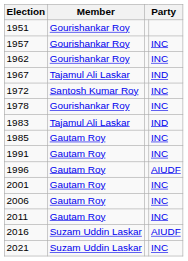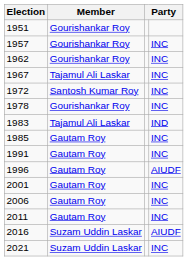 <table class="wikitable sortable">
 <tr>
 <th>Election</th>
 <th>Member</th>
 <th colspan="2">Party</th>
 </tr>
 <tr>
 <td>1951</td>
 <td><a href='#'>Gourishankar Roy</a></td>
 <td></td>
 </tr>
 <tr>
 <td>1957</td>
 <td><a href='#'>Gourishankar Roy</a></td>
 <td style="background-color:"></td>
 <td><a href='#'>INC</a></td>
 </tr>
 <tr>
 <td>1962</td>
 <td><a href='#'>Gourishankar Roy</a></td>
 <td style="background-color:"></td>
 <td><a href='#'>INC</a></td>
 </tr>
 <tr>
 <td>1967</td>
 <td><a href='#'>Tajamul Ali Laskar</a></td>
 <td style="background-color:"></td>
-<td><a href='#'>IND</a></td>
+<td><a href='#'>INC</a></td>
 </tr>
 <tr>
 <td>1972</td>
 <td><a href='#'>Santosh Kumar Roy</a></td>
 <td style="background-color:"></td>
 <td><a href='#'>INC</a></td>
 </tr>
 <tr>
 <td>1978</td>
 <td><a href='#'>Gourishankar Roy</a></td>
 <td style="background-color:"></td>
 <td><a href='#'>INC</a></td>
 </tr>
 <tr>
 <td>1983</td>
 <td><a href='#'>Tajamul Ali Laskar</a></td>
 <td style="background-color:"></td>
 <td><a href='#'>IND</a></td>
 </tr>
 <tr>
 <td>1985</td>
 <td><a href='#'>Gautam Roy</a></td>
 <td style="background-color:"></td>
 <td><a href='#'>INC</a></td>
 </tr>
 <tr>
 <td>1991</td>
 <td><a href='#'>Gautam Roy</a></td>
 <td style="background-color:"></td>
 <td><a href='#'>INC</a></td>
 </tr>
 <tr>
 <td>1996</td>
 <td><a href='#'>Gautam Roy</a></td>
 <td style="background-color:"></td>
 <td><a href='#'>AIUDF</a></td>
 </tr>
 <tr>
 <td>2001</td>
 <td><a href='#'>Gautam Roy</a></td>
 <td style="background-color:"></td>
 <td><a href='#'>INC</a></td>
 </tr>
 <tr>
 <td>2006</td>
 <td><a href='#'>Gautam Roy</a></td>
 <td style="background-color:"></td>
 <td><a href='#'>INC</a></td>
 </tr>
 <tr>
 <td>2011</td>
 <td><a href='#'>Gautam Roy</a></td>
 <td style="background-color:"></td>
 <td><a href='#'>INC</a></td>
 </tr>
 <tr>
 <td>2016</td>
 <td><a href='#'>Suzam Uddin Laskar</a></td>
 <td style="background-color:"></td>
 <td><a href='#'>AIUDF</a></td>
 </tr>
 <tr>
 <td>2021</td>
 <td><a href='#'>Suzam Uddin Laskar</a></td>
 <td style="background-color:"></td>
 <td><a href='#'>INC</a></td>
 </tr>
 </table>
